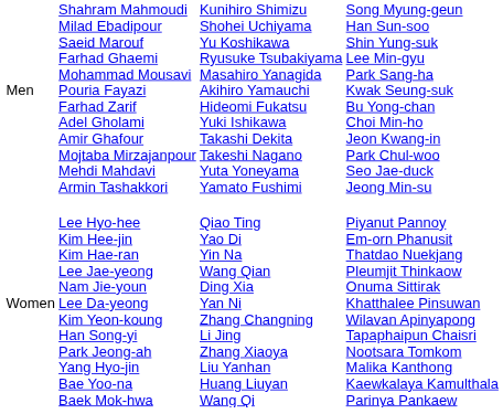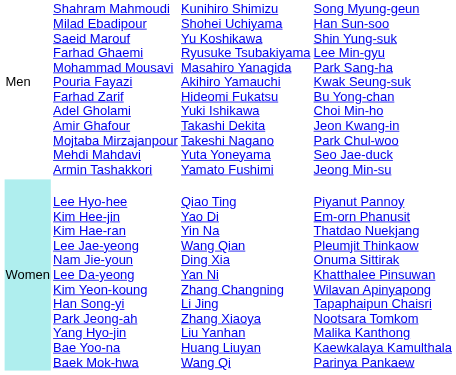 <table>
 <tr>
 <td>Men<br></td>
 <td><br><a href='#'>Shahram Mahmoudi</a><br><a href='#'>Milad Ebadipour</a><br><a href='#'>Saeid Marouf</a><br><a href='#'>Farhad Ghaemi</a><br><a href='#'>Mohammad Mousavi</a><br><a href='#'>Pouria Fayazi</a><br><a href='#'>Farhad Zarif</a><br><a href='#'>Adel Gholami</a><br><a href='#'>Amir Ghafour</a><br><a href='#'>Mojtaba Mirzajanpour</a><br><a href='#'>Mehdi Mahdavi</a><br><a href='#'>Armin Tashakkori</a></td>
 <td><br><a href='#'>Kunihiro Shimizu</a><br><a href='#'>Shohei Uchiyama</a><br><a href='#'>Yu Koshikawa</a><br><a href='#'>Ryusuke Tsubakiyama</a><br><a href='#'>Masahiro Yanagida</a><br><a href='#'>Akihiro Yamauchi</a><br><a href='#'>Hideomi Fukatsu</a><br><a href='#'>Yuki Ishikawa</a><br><a href='#'>Takashi Dekita</a><br><a href='#'>Takeshi Nagano</a><br><a href='#'>Yuta Yoneyama</a><br><a href='#'>Yamato Fushimi</a></td>
 <td><br><a href='#'>Song Myung-geun</a><br><a href='#'>Han Sun-soo</a><br><a href='#'>Shin Yung-suk</a><br><a href='#'>Lee Min-gyu</a><br><a href='#'>Park Sang-ha</a><br><a href='#'>Kwak Seung-suk</a><br><a href='#'>Bu Yong-chan</a><br><a href='#'>Choi Min-ho</a><br><a href='#'>Jeon Kwang-in</a><br><a href='#'>Park Chul-woo</a><br><a href='#'>Seo Jae-duck</a><br><a href='#'>Jeong Min-su</a></td>
 </tr>
 <tr>
-<td>Women<br></td>
+<td style="background: paleturquoise;">Women<br></td>
 <td><br><a href='#'>Lee Hyo-hee</a><br><a href='#'>Kim Hee-jin</a><br><a href='#'>Kim Hae-ran</a><br><a href='#'>Lee Jae-yeong</a><br><a href='#'>Nam Jie-youn</a><br><a href='#'>Lee Da-yeong</a><br><a href='#'>Kim Yeon-koung</a><br><a href='#'>Han Song-yi</a><br><a href='#'>Park Jeong-ah</a><br><a href='#'>Yang Hyo-jin</a><br><a href='#'>Bae Yoo-na</a><br><a href='#'>Baek Mok-hwa</a></td>
 <td><br><a href='#'>Qiao Ting</a><br><a href='#'>Yao Di</a><br><a href='#'>Yin Na</a><br><a href='#'>Wang Qian</a><br><a href='#'>Ding Xia</a><br><a href='#'>Yan Ni</a><br><a href='#'>Zhang Changning</a><br><a href='#'>Li Jing</a><br><a href='#'>Zhang Xiaoya</a><br><a href='#'>Liu Yanhan</a><br><a href='#'>Huang Liuyan</a><br><a href='#'>Wang Qi</a></td>
 <td><br><a href='#'>Piyanut Pannoy</a><br><a href='#'>Em-orn Phanusit</a><br><a href='#'>Thatdao Nuekjang</a><br><a href='#'>Pleumjit Thinkaow</a><br><a href='#'>Onuma Sittirak</a><br><a href='#'>Khatthalee Pinsuwan</a><br><a href='#'>Wilavan Apinyapong</a><br><a href='#'>Tapaphaipun Chaisri</a><br><a href='#'>Nootsara Tomkom</a><br><a href='#'>Malika Kanthong</a><br><a href='#'>Kaewkalaya Kamulthala</a><br><a href='#'>Parinya Pankaew</a></td>
 </tr>
 </table>
